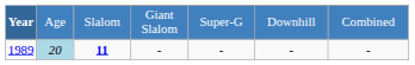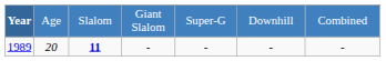 <table class="wikitable" style="font-size:100%; text-align:center; border:grey solid 1px; border-collapse:collapse;" width="40%">
 <tr style="background-color:#369; color:white;">
 <td rowspan="2" colspan="1" width="4%"><strong>Year</strong></td>
 </tr>
 <tr style="background-color:#4180be; color:white;">
 <td>Age</td>
 <td>Slalom</td>
 <td>Giant<br>Slalom</td>
 <td>Super-G</td>
 <td>Downhill</td>
 <td>Combined</td>
 </tr>
 <tr>
 <td><a href='#'>1989</a></td>
-<td style="background: lightblue;"><em>20</em></td>
+<td><em>20</em></td>
 <td><strong><a href='#'>11</a></strong></td>
 <td>-</td>
 <td>-</td>
 <td>-</td>
 <td>-</td>
 </tr>
 </table>
